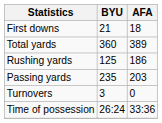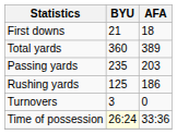 <table class="wikitable">
 <tr>
 <th>Statistics</th>
 <th>BYU</th>
 <th>AFA</th>
 </tr>
 <tr>
 <td>First downs</td>
 <td>21</td>
 <td>18</td>
 </tr>
 <tr>
 <td>Total yards</td>
 <td>360</td>
 <td>389</td>
 </tr>
 <tr>
+<td>Passing yards</td>
+<td>235</td>
+<td>203</td>
+</tr>
+<tr>
 <td>Rushing yards</td>
 <td>125</td>
 <td>186</td>
-</tr>
-<tr>
-<td>Passing yards</td>
-<td>235</td>
-<td>203</td>
 </tr>
 <tr>
 <td>Turnovers</td>
 <td>3</td>
 <td>0</td>
 </tr>
 <tr>
 <td>Time of possession</td>
-<td>26:24</td>
+<td style="background: lightyellow;">26:24</td>
 <td>33:36</td>
 </tr>
 <tr>
 </tr>
 </table>
